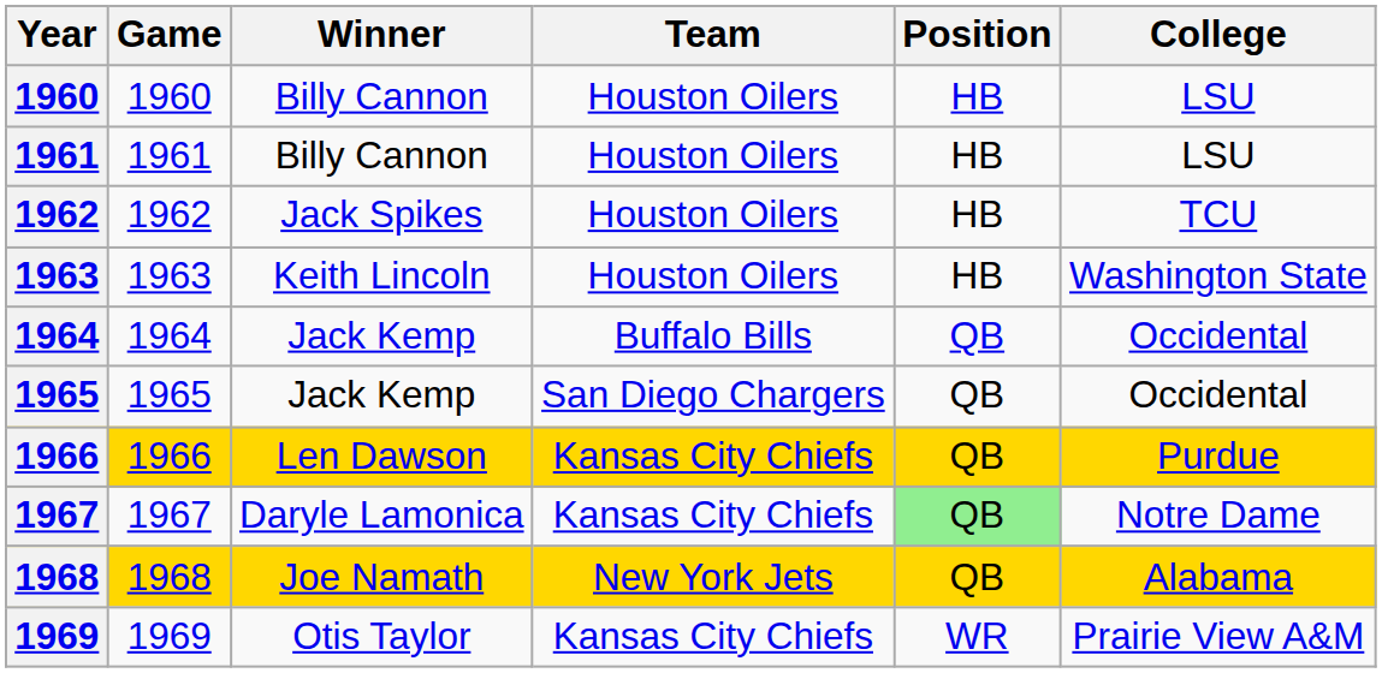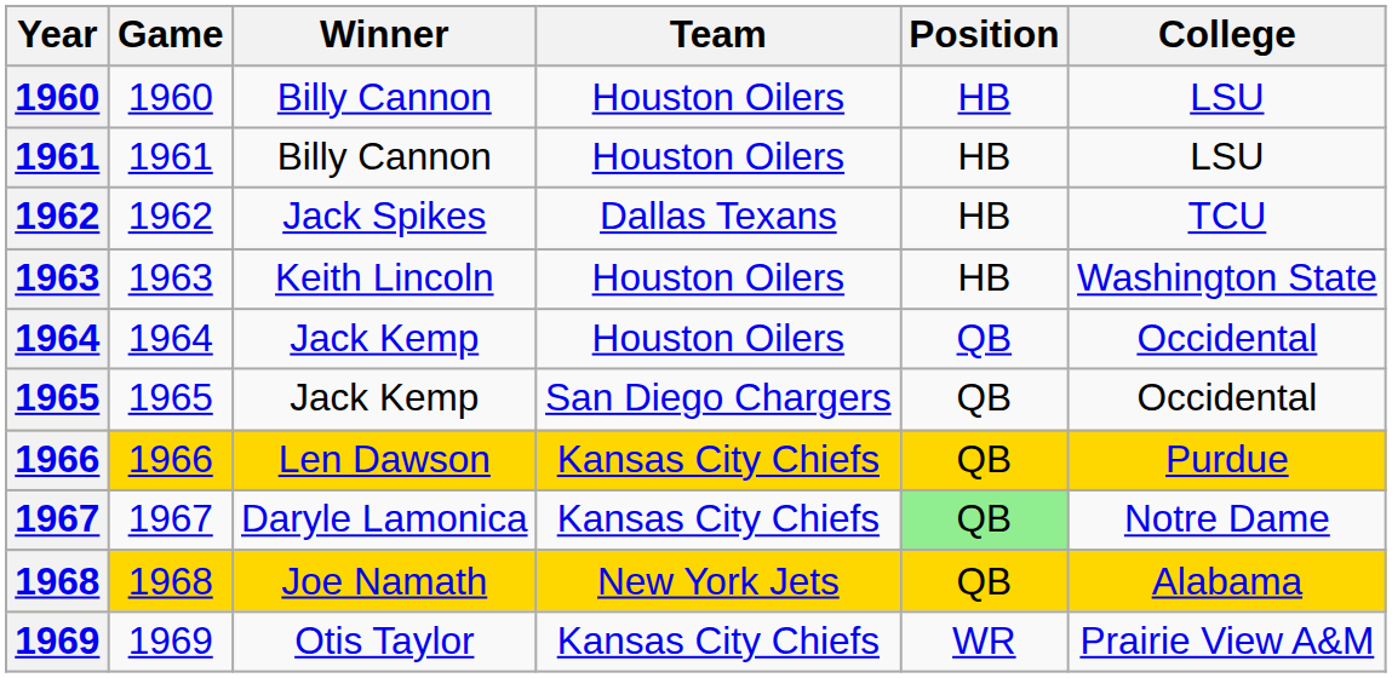 <table class="wikitable sortable plainrowheaders" border="1" style="text-align:center">
 <tr>
 <th scope="col">Year</th>
 <th scope="col">Game</th>
 <th scope="col">Winner</th>
 <th scope="col">Team</th>
 <th scope="col">Position</th>
 <th scope="col">College</th>
 </tr>
 <tr>
 <th><a href='#'>1960</a></th>
 <td><a href='#'>1960</a></td>
 <td><a href='#'>Billy Cannon</a></td>
 <td><a href='#'>Houston Oilers</a></td>
 <td><a href='#'>HB</a></td>
 <td><a href='#'>LSU</a></td>
 </tr>
 <tr>
 <th><a href='#'>1961</a></th>
 <td><a href='#'>1961</a></td>
 <td>Billy Cannon </td>
 <td><a href='#'>Houston Oilers</a> </td>
 <td>HB </td>
 <td>LSU</td>
 </tr>
 <tr>
 <th><a href='#'>1962</a></th>
 <td><a href='#'>1962</a></td>
 <td><a href='#'>Jack Spikes</a></td>
-<td><a href='#'>Houston Oilers</a></td>
+<td><a href='#'>Dallas Texans</a></td>
 <td>HB </td>
 <td><a href='#'>TCU</a></td>
 </tr>
 <tr>
 <th><a href='#'>1963</a></th>
 <td><a href='#'>1963</a></td>
 <td><a href='#'>Keith Lincoln</a></td>
 <td><a href='#'>Houston Oilers</a></td>
 <td>HB </td>
 <td><a href='#'>Washington State</a></td>
 </tr>
 <tr>
 <th><a href='#'>1964</a></th>
 <td><a href='#'>1964</a></td>
 <td><a href='#'>Jack Kemp</a></td>
-<td><a href='#'>Buffalo Bills</a></td>
+<td><a href='#'>Houston Oilers</a></td>
 <td><a href='#'>QB</a></td>
 <td><a href='#'>Occidental</a></td>
 </tr>
 <tr>
 <th><a href='#'>1965</a></th>
 <td><a href='#'>1965</a></td>
 <td>Jack Kemp </td>
 <td><a href='#'>San Diego Chargers</a></td>
 <td>QB </td>
 <td>Occidental</td>
 </tr>
 <tr bgcolor=#FFD700>
 <th><a href='#'>1966</a></th>
 <td><a href='#'>1966</a></td>
 <td><a href='#'>Len Dawson</a></td>
 <td><a href='#'>Kansas City Chiefs</a> </td>
 <td>QB </td>
 <td><a href='#'>Purdue</a></td>
 </tr>
 <tr>
 <th><a href='#'>1967</a></th>
 <td><a href='#'>1967</a></td>
 <td><a href='#'>Daryle Lamonica</a></td>
 <td><a href='#'>Kansas City Chiefs</a> </td>
 <td style="background: lightgreen;">QB </td>
 <td><a href='#'>Notre Dame</a></td>
 </tr>
 <tr bgcolor=#FFD700>
 <th><a href='#'>1968</a></th>
 <td><a href='#'>1968</a></td>
 <td><a href='#'>Joe Namath</a></td>
 <td><a href='#'>New York Jets</a></td>
 <td>QB </td>
 <td><a href='#'>Alabama</a></td>
 </tr>
 <tr>
 <th><a href='#'>1969</a></th>
 <td><a href='#'>1969</a></td>
 <td><a href='#'>Otis Taylor</a></td>
 <td><a href='#'>Kansas City Chiefs</a> </td>
 <td><a href='#'>WR</a></td>
 <td><a href='#'>Prairie View A&M</a></td>
 </tr>
 </table>
